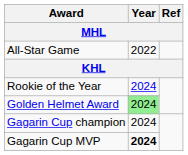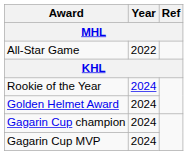 <table class="wikitable">
 <tr>
 <th>Award</th>
 <th>Year</th>
 <th>Ref</th>
 </tr>
 <tr>
 <th colspan="3"><a href='#'>MHL</a></th>
 </tr>
 <tr>
 <td>All-Star Game</td>
 <td>2022</td>
 <td></td>
 </tr>
 <tr>
 <th colspan="3"><a href='#'>KHL</a></th>
 </tr>
 <tr>
 <td>Rookie of the Year</td>
 <td><a href='#'>2024</a></td>
 <td rowspan="2"></td>
 </tr>
 <tr>
 <td><a href='#'>Golden Helmet Award</a></td>
-<td style="background: lightgreen;">2024</td>
+<td>2024</td>
 </tr>
 <tr>
 <td><a href='#'>Gagarin Cup</a> champion</td>
 <td>2024</td>
 <td rowspan="2"></td>
 </tr>
 <tr>
 <td>Gagarin Cup MVP</td>
-<td><strong>2024</strong></td>
+<td>2024</td>
 </tr>
 </table>
